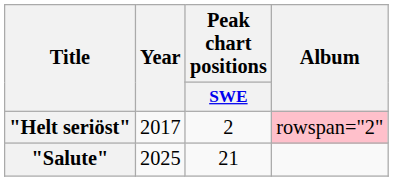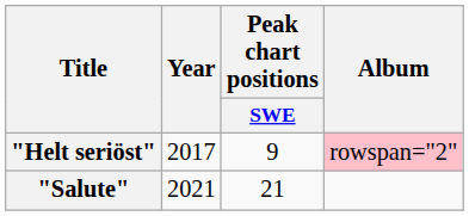 <table class="wikitable plainrowheaders" style="text-align:center;">
 <tr>
 <th scope="col" rowspan="2">Title</th>
 <th scope="col" rowspan="2">Year</th>
 <th scope="col" colspan="1">Peak chart positions</th>
 <th scope="col" rowspan="2">Album</th>
 </tr>
 <tr>
 <th scope="col" style="width:3em;font-size:85%;"><a href='#'>SWE</a></th>
 </tr>
 <tr>
 <th scope="row">"Helt seriöst"</th>
 <td>2017</td>
-<td>2</td>
+<td>9</td>
 <td style="background: pink;">rowspan="2" </td>
 </tr>
 <tr>
 <th scope="row">"Salute"</th>
-<td>2025</td>
+<td>2021</td>
 <td>21<br></td>
 </tr>
 </table>
